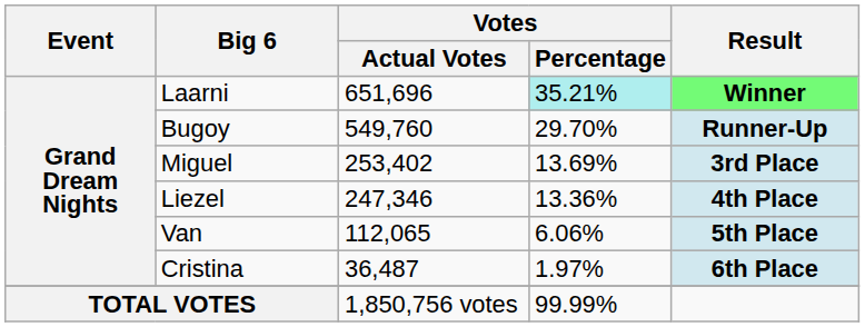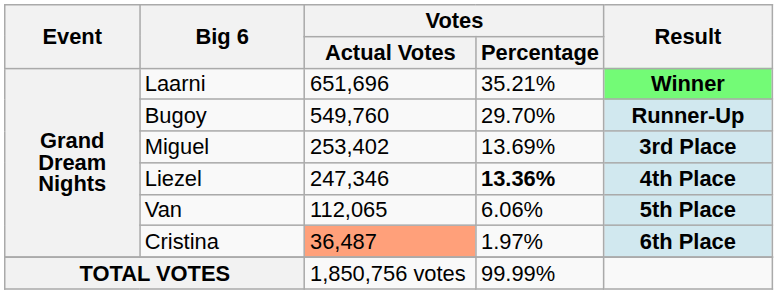 <table class="wikitable" style="text align:center; font-size:90%; line-height:14px;" width="40%">
 <tr>
 <th rowspan=2 width="20%">Event</th>
 <th rowspan=2 width="25%">Big 6</th>
 <th colspan=2 width="30%">Votes</th>
 <th rowspan=2 width="30%">Result</th>
 </tr>
 <tr>
 <th width="25%">Actual Votes</th>
 <th width="05%">Percentage</th>
 </tr>
 <tr>
 <th rowspan=6>Grand Dream Nights</th>
 <td>Laarni</td>
 <td>651,696</td>
-<td style="background: paleturquoise;">35.21%</td>
+<td>35.21%</td>
 <td align="center" bgcolor="#73FB76"><strong>Winner</strong></td>
 </tr>
 <tr>
 <td>Bugoy</td>
 <td>549,760</td>
 <td>29.70%</td>
 <td align="center" bgcolor="#D1E8EF"><strong>Runner-Up</strong></td>
 </tr>
 <tr>
 <td>Miguel</td>
 <td>253,402</td>
 <td>13.69%</td>
 <td align="center" bgcolor="#D1E8EF"><strong>3rd Place</strong></td>
 </tr>
 <tr>
 <td>Liezel</td>
 <td>247,346</td>
-<td>13.36%</td>
+<td><strong>13.36%</strong></td>
 <td align="center" bgcolor="#D1E8EF"><strong>4th Place</strong></td>
 </tr>
 <tr>
 <td>Van</td>
 <td>112,065</td>
 <td>6.06%</td>
 <td align="center" bgcolor="#D1E8EF"><strong>5th Place</strong></td>
 </tr>
 <tr>
 <td>Cristina</td>
-<td>36,487</td>
+<td style="background: lightsalmon;">36,487</td>
 <td>1.97%</td>
 <td align="center" bgcolor="#D1E8EF"><strong>6th Place</strong></td>
 </tr>
 <tr>
 </tr>
 <tr>
 <th colspan=2>TOTAL VOTES</th>
 <td>1,850,756 votes</td>
 <td>99.99%</td>
 <td></td>
 </tr>
 </table>
